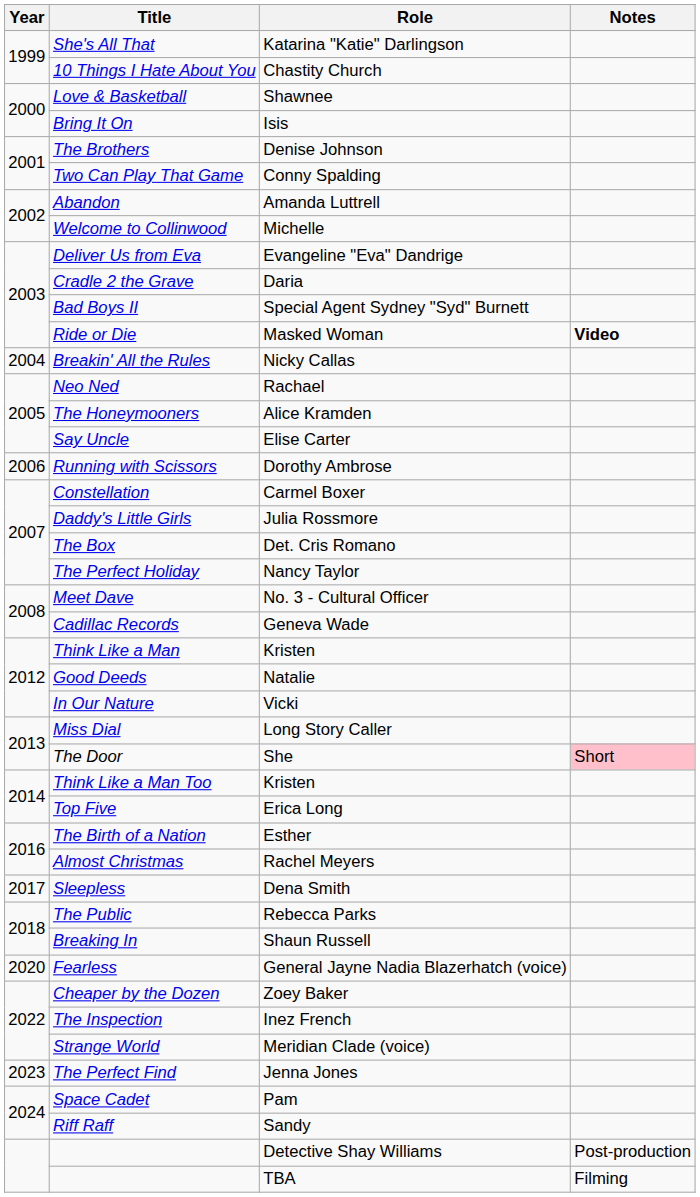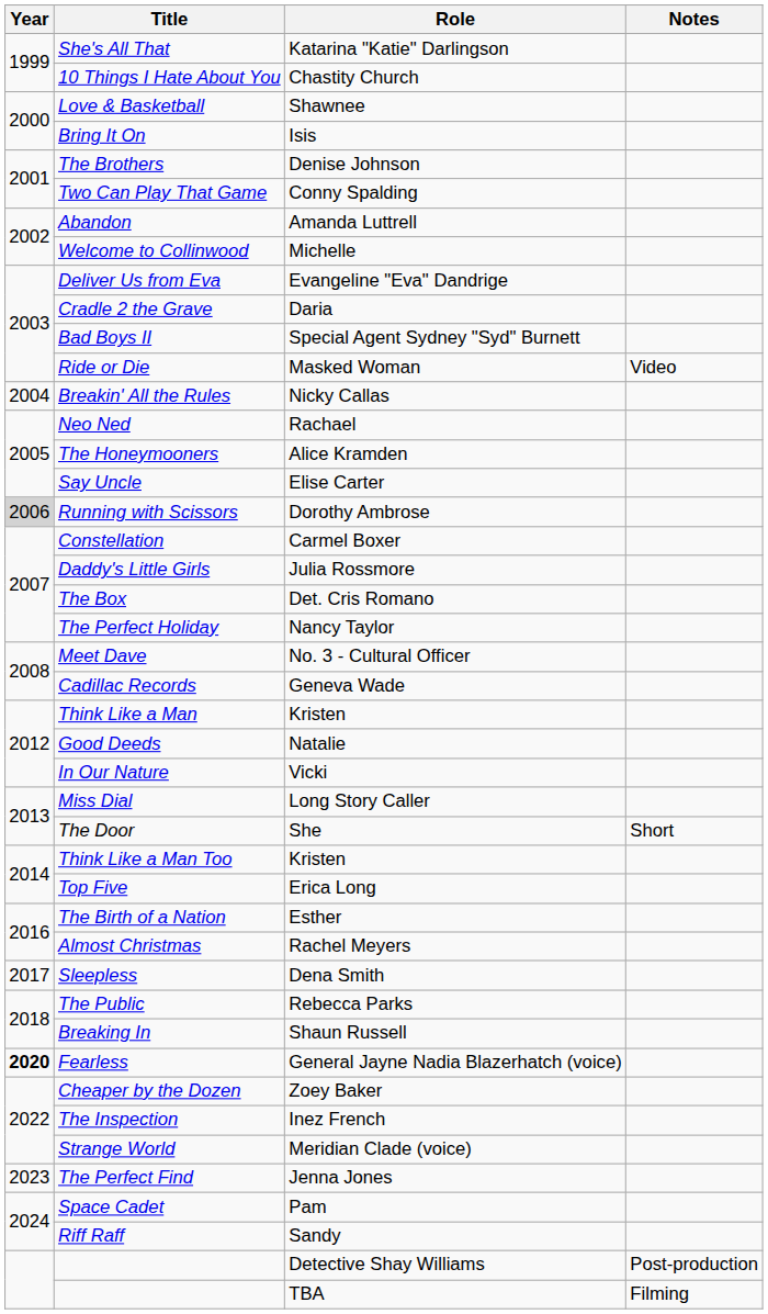 <table class="wikitable sortable">
 <tr>
 <th>Year</th>
 <th>Title</th>
 <th>Role</th>
 <th>Notes</th>
 </tr>
 <tr>
 <td rowspan=2>1999</td>
 <td><em><a href='#'>She's All That</a></em></td>
 <td>Katarina "Katie" Darlingson</td>
 <td></td>
 </tr>
 <tr>
 <td><em><a href='#'>10 Things I Hate About You</a></em></td>
 <td>Chastity Church</td>
 <td></td>
 </tr>
 <tr>
 <td rowspan=2>2000</td>
 <td><em><a href='#'>Love & Basketball</a></em></td>
 <td>Shawnee</td>
 <td></td>
 </tr>
 <tr>
 <td><em><a href='#'>Bring It On</a></em></td>
 <td>Isis</td>
 <td></td>
 </tr>
 <tr>
 <td rowspan=2>2001</td>
 <td><em><a href='#'>The Brothers</a></em></td>
 <td>Denise Johnson</td>
 <td></td>
 </tr>
 <tr>
 <td><em><a href='#'>Two Can Play That Game</a></em></td>
 <td>Conny Spalding</td>
 <td></td>
 </tr>
 <tr>
 <td rowspan=2>2002</td>
 <td><em><a href='#'>Abandon</a></em></td>
 <td>Amanda Luttrell</td>
 <td></td>
 </tr>
 <tr>
 <td><em><a href='#'>Welcome to Collinwood</a></em></td>
 <td>Michelle</td>
 <td></td>
 </tr>
 <tr>
 <td rowspan=4>2003</td>
 <td><em><a href='#'>Deliver Us from Eva</a></em></td>
 <td>Evangeline "Eva" Dandrige</td>
 <td></td>
 </tr>
 <tr>
 <td><em><a href='#'>Cradle 2 the Grave</a></em></td>
 <td>Daria</td>
 <td></td>
 </tr>
 <tr>
 <td><em><a href='#'>Bad Boys II</a></em></td>
 <td>Special Agent Sydney "Syd" Burnett</td>
 <td></td>
 </tr>
 <tr>
 <td><em><a href='#'>Ride or Die</a></em></td>
 <td>Masked Woman</td>
-<td><strong>Video</strong></td>
+<td>Video</td>
 </tr>
 <tr>
 <td>2004</td>
 <td><em><a href='#'>Breakin' All the Rules</a></em></td>
 <td>Nicky Callas</td>
 <td></td>
 </tr>
 <tr>
 <td rowspan=3>2005</td>
 <td><em><a href='#'>Neo Ned</a></em></td>
 <td>Rachael</td>
 <td></td>
 </tr>
 <tr>
 <td><em><a href='#'>The Honeymooners</a></em></td>
 <td>Alice Kramden</td>
 <td></td>
 </tr>
 <tr>
 <td><em><a href='#'>Say Uncle</a></em></td>
 <td>Elise Carter</td>
 <td></td>
 </tr>
 <tr>
-<td>2006</td>
+<td style="background: lightgrey;">2006</td>
 <td><em><a href='#'>Running with Scissors</a></em></td>
 <td>Dorothy Ambrose</td>
 <td></td>
 </tr>
 <tr>
 <td rowspan=4>2007</td>
 <td><em><a href='#'>Constellation</a></em></td>
 <td>Carmel Boxer</td>
 <td></td>
 </tr>
 <tr>
 <td><em><a href='#'>Daddy's Little Girls</a></em></td>
 <td>Julia Rossmore</td>
 <td></td>
 </tr>
 <tr>
 <td><em><a href='#'>The Box</a></em></td>
 <td>Det. Cris Romano</td>
 <td></td>
 </tr>
 <tr>
 <td><em><a href='#'>The Perfect Holiday</a></em></td>
 <td>Nancy Taylor</td>
 <td></td>
 </tr>
 <tr>
 <td rowspan=2>2008</td>
 <td><em><a href='#'>Meet Dave</a></em></td>
 <td>No. 3 - Cultural Officer</td>
 <td></td>
 </tr>
 <tr>
 <td><em><a href='#'>Cadillac Records</a></em></td>
 <td>Geneva Wade</td>
 <td></td>
 </tr>
 <tr>
 <td rowspan=3>2012</td>
 <td><em><a href='#'>Think Like a Man</a></em></td>
 <td>Kristen</td>
 <td></td>
 </tr>
 <tr>
 <td><em><a href='#'>Good Deeds</a></em></td>
 <td>Natalie</td>
 <td></td>
 </tr>
 <tr>
 <td><em><a href='#'>In Our Nature</a></em></td>
 <td>Vicki</td>
 <td></td>
 </tr>
 <tr>
 <td rowspan=2>2013</td>
 <td><em><a href='#'>Miss Dial</a></em></td>
 <td>Long Story Caller</td>
 <td></td>
 </tr>
 <tr>
 <td><em>The Door</em></td>
 <td>She</td>
-<td style="background: pink;">Short</td>
+<td>Short</td>
 </tr>
 <tr>
 <td rowspan=2>2014</td>
 <td><em><a href='#'>Think Like a Man Too</a></em></td>
 <td>Kristen</td>
 <td></td>
 </tr>
 <tr>
 <td><em><a href='#'>Top Five</a></em></td>
 <td>Erica Long</td>
 <td></td>
 </tr>
 <tr>
 <td rowspan=2>2016</td>
 <td><em><a href='#'>The Birth of a Nation</a></em></td>
 <td>Esther</td>
 <td></td>
 </tr>
 <tr>
 <td><em><a href='#'>Almost Christmas</a></em></td>
 <td>Rachel Meyers</td>
 <td></td>
 </tr>
 <tr>
 <td>2017</td>
 <td><em><a href='#'>Sleepless</a></em></td>
 <td>Dena Smith</td>
 <td></td>
 </tr>
 <tr>
 <td rowspan=2>2018</td>
 <td><em><a href='#'>The Public</a></em></td>
 <td>Rebecca Parks</td>
 <td></td>
 </tr>
 <tr>
 <td><em><a href='#'>Breaking In</a></em></td>
 <td>Shaun Russell</td>
 <td></td>
 </tr>
 <tr>
-<td>2020</td>
+<td><strong>2020</strong></td>
 <td><em><a href='#'>Fearless</a></em></td>
 <td>General Jayne Nadia Blazerhatch (voice)</td>
 <td></td>
 </tr>
 <tr>
 <td rowspan="3">2022</td>
 <td><em><a href='#'>Cheaper by the Dozen</a></em></td>
 <td>Zoey Baker</td>
 <td></td>
 </tr>
 <tr>
 <td><em><a href='#'>The Inspection</a></em></td>
 <td>Inez French</td>
 <td></td>
 </tr>
 <tr>
 <td><em><a href='#'>Strange World</a></em></td>
 <td>Meridian Clade (voice)</td>
 <td></td>
 </tr>
 <tr>
 <td>2023</td>
 <td><em><a href='#'>The Perfect Find</a></em></td>
 <td>Jenna Jones</td>
 <td></td>
 </tr>
 <tr>
 <td rowspan="2">2024</td>
 <td><em><a href='#'>Space Cadet</a></em></td>
 <td>Pam</td>
 <td></td>
 </tr>
 <tr>
 <td><em><a href='#'>Riff Raff</a></em></td>
 <td>Sandy</td>
 <td></td>
 </tr>
 <tr>
 <td rowspan="2"></td>
 <td></td>
 <td>Detective Shay Williams</td>
 <td>Post-production</td>
 </tr>
 <tr>
 <td></td>
 <td>TBA</td>
 <td>Filming</td>
 </tr>
 </table>
